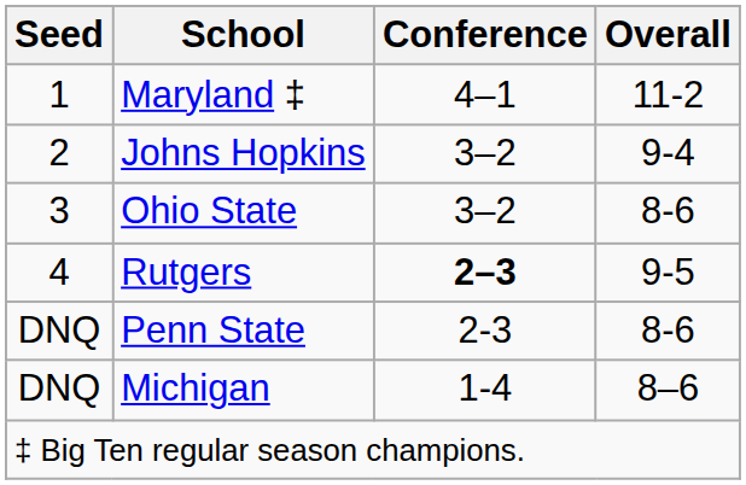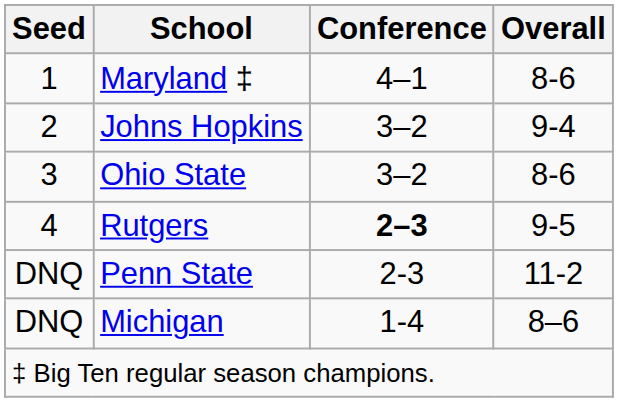 <table class="wikitable" style="text-align:center">
 <tr>
 <th>Seed</th>
 <th>School</th>
 <th>Conference</th>
 <th>Overall</th>
 </tr>
 <tr>
 <td>1</td>
 <td align=left><a href='#'>Maryland</a> ‡</td>
 <td>4–1</td>
-<td>11-2</td>
+<td>8-6</td>
 </tr>
 <tr>
 <td>2</td>
 <td align=left><a href='#'>Johns Hopkins</a></td>
 <td>3–2</td>
 <td>9-4</td>
 </tr>
 <tr>
 <td>3</td>
 <td align=left><a href='#'>Ohio State</a></td>
 <td>3–2</td>
 <td>8-6</td>
 </tr>
 <tr>
 <td>4</td>
 <td align=left><a href='#'>Rutgers</a></td>
 <td><strong>2–3</strong></td>
 <td>9-5</td>
 </tr>
 <tr>
 <td>DNQ</td>
 <td align=left><a href='#'>Penn State</a></td>
 <td>2-3</td>
-<td>8-6</td>
+<td>11-2</td>
 </tr>
 <tr>
 <td>DNQ</td>
 <td align=left><a href='#'>Michigan</a></td>
 <td>1-4</td>
 <td>8–6</td>
 </tr>
 <tr>
 <td colspan=4 align=left><small>‡ Big Ten regular season champions.</small></td>
 </tr>
 </table>
